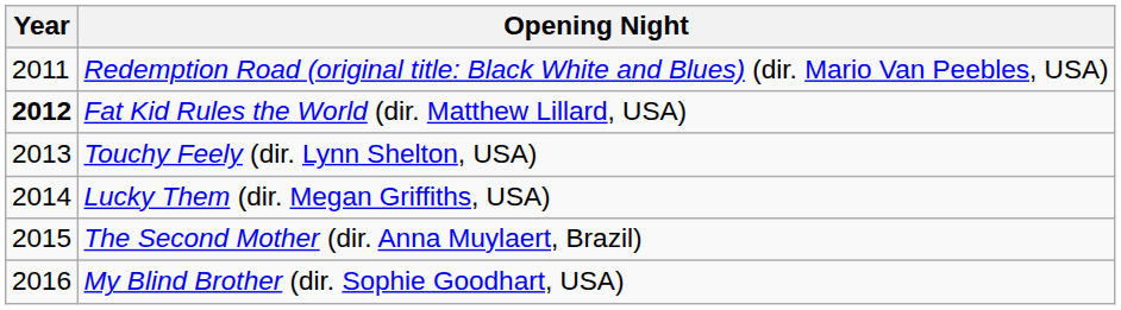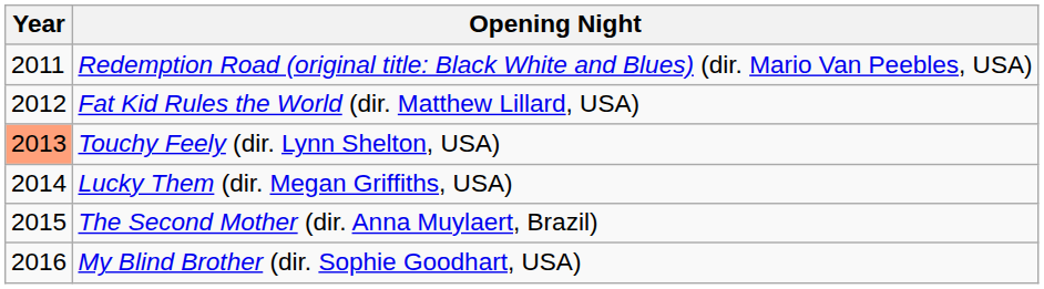 <table class="wikitable">
 <tr>
 <th>Year</th>
 <th>Opening Night</th>
 </tr>
 <tr>
 <td>2011</td>
 <td><em><a href='#'>Redemption Road (original title: Black White and Blues)</a></em> (dir. <a href='#'>Mario Van Peebles</a>, USA)</td>
 </tr>
 <tr>
-<td><strong>2012</strong></td>
+<td>2012</td>
 <td><em><a href='#'>Fat Kid Rules the World</a></em> (dir. <a href='#'>Matthew Lillard</a>, USA)</td>
 </tr>
 <tr>
-<td>2013</td>
+<td style="background: lightsalmon;">2013</td>
 <td><em><a href='#'>Touchy Feely</a></em> (dir. <a href='#'>Lynn Shelton</a>, USA)</td>
 </tr>
 <tr>
 <td>2014</td>
 <td><em><a href='#'>Lucky Them</a></em> (dir. <a href='#'>Megan Griffiths</a>, USA)</td>
 </tr>
 <tr>
 <td>2015</td>
 <td><em><a href='#'>The Second Mother</a></em> (dir. <a href='#'>Anna Muylaert</a>, Brazil)</td>
 </tr>
 <tr>
 <td>2016</td>
 <td><em><a href='#'>My Blind Brother</a></em> (dir. <a href='#'>Sophie Goodhart</a>, USA)</td>
 </tr>
 </table>
